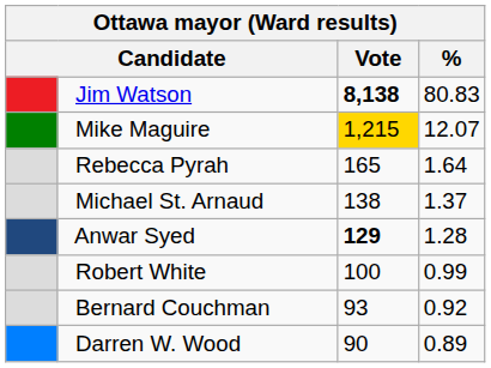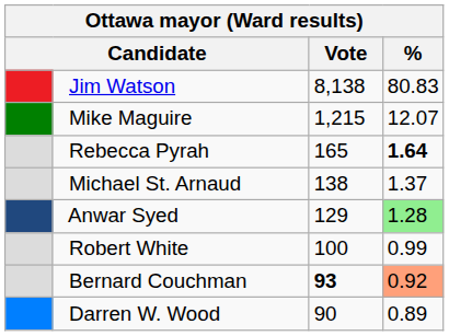 <table class="wikitable">
 <tr>
 <th colspan="4">Ottawa mayor (Ward results)</th>
 </tr>
 <tr>
 <th bgcolor="#DDDDFF" width="230px" colspan="2">Candidate</th>
 <th bgcolor="#DDDDFF" width="50px">Vote</th>
 <th bgcolor="#DDDDFF" width="30px">%</th>
 </tr>
 <tr>
 <td bgcolor=#ED1D24 width="30px"> </td>
 <td>  <a href='#'>Jim Watson</a></td>
-<td><strong>8,138</strong></td>
+<td>8,138</td>
 <td>80.83</td>
 </tr>
 <tr>
 <td bgcolor=#008000 width="30px"> </td>
 <td>  Mike Maguire</td>
-<td style="background: gold;">1,215</td>
+<td>1,215</td>
 <td>12.07</td>
 </tr>
 <tr>
 <td bgcolor=#DCDCDC width="30px"> </td>
 <td>  Rebecca Pyrah</td>
 <td>165</td>
-<td>1.64</td>
+<td><strong>1.64</strong></td>
 </tr>
 <tr>
 <td bgcolor=#DCDCDC width="30px"> </td>
 <td>  Michael St. Arnaud</td>
 <td>138</td>
 <td>1.37</td>
 </tr>
 <tr>
 <td bgcolor=#20487E width="30px"> </td>
 <td>  Anwar Syed</td>
-<td><strong>129</strong></td>
-<td>1.28</td>
+<td>129</td>
+<td style="background: lightgreen;">1.28</td>
 </tr>
 <tr>
 <td bgcolor=#DCDCDC width="30px"> </td>
 <td>  Robert White</td>
 <td>100</td>
 <td>0.99</td>
 </tr>
 <tr>
 <td bgcolor=#DCDCDC width="30px"> </td>
 <td>  Bernard Couchman</td>
-<td>93</td>
-<td>0.92</td>
+<td><strong>93</strong></td>
+<td style="background: lightsalmon;">0.92</td>
 </tr>
 <tr>
 <td bgcolor=#007FFF width="30px"> </td>
 <td>  Darren W. Wood</td>
 <td>90</td>
 <td>0.89</td>
 </tr>
 </table>
